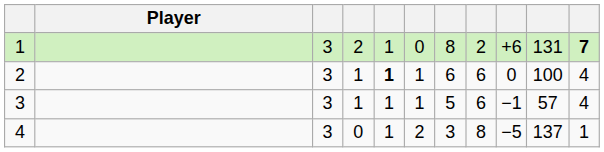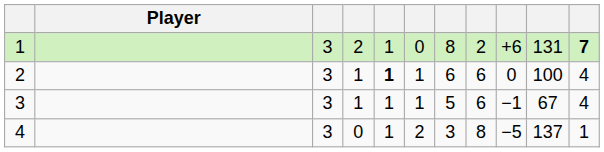 <table class="wikitable" style="text-align:center; margin: 1em auto 1em auto, align:left">
 <tr>
 <th width=20></th>
 <th width=240>Player</th>
 <th width=20></th>
 <th width=20></th>
 <th width=20></th>
 <th width=20></th>
 <th width=20></th>
 <th width=20></th>
 <th width=20></th>
 <th width=30></th>
 <th width=20></th>
 </tr>
 <tr style="background:#D0F0C0;">
 <td>1</td>
 <td align=left></td>
 <td>3</td>
 <td>2</td>
 <td>1</td>
 <td>0</td>
 <td>8</td>
 <td>2</td>
 <td>+6</td>
 <td>131</td>
 <td><strong>7</strong></td>
 </tr>
 <tr style=>
 <td>2</td>
 <td align=left></td>
 <td>3</td>
 <td>1</td>
 <td><strong>1</strong></td>
 <td>1</td>
 <td>6</td>
 <td>6</td>
 <td>0</td>
 <td>100</td>
 <td>4</td>
 </tr>
 <tr style=>
 <td>3</td>
 <td align=left></td>
 <td>3</td>
 <td>1</td>
 <td>1</td>
 <td>1</td>
 <td>5</td>
 <td>6</td>
 <td>−1</td>
-<td>57</td>
+<td>67</td>
 <td>4</td>
 </tr>
 <tr style=>
 <td>4</td>
 <td align=left></td>
 <td>3</td>
 <td>0</td>
 <td>1</td>
 <td>2</td>
 <td>3</td>
 <td>8</td>
 <td>−5</td>
 <td>137</td>
 <td>1</td>
 </tr>
 </table>
